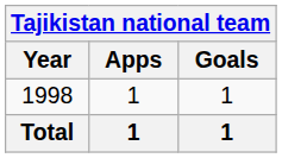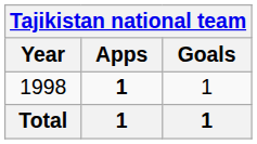 <table class="wikitable" style="text-align:center">
 <tr>
 <th colspan=3><a href='#'>Tajikistan national team</a></th>
 </tr>
 <tr>
 <th>Year</th>
 <th>Apps</th>
 <th>Goals</th>
 </tr>
 <tr>
 <td>1998</td>
-<td>1</td>
+<td><strong>1</strong></td>
 <td>1</td>
 </tr>
 <tr>
 <th>Total</th>
 <th>1</th>
 <th>1</th>
 </tr>
 </table>
